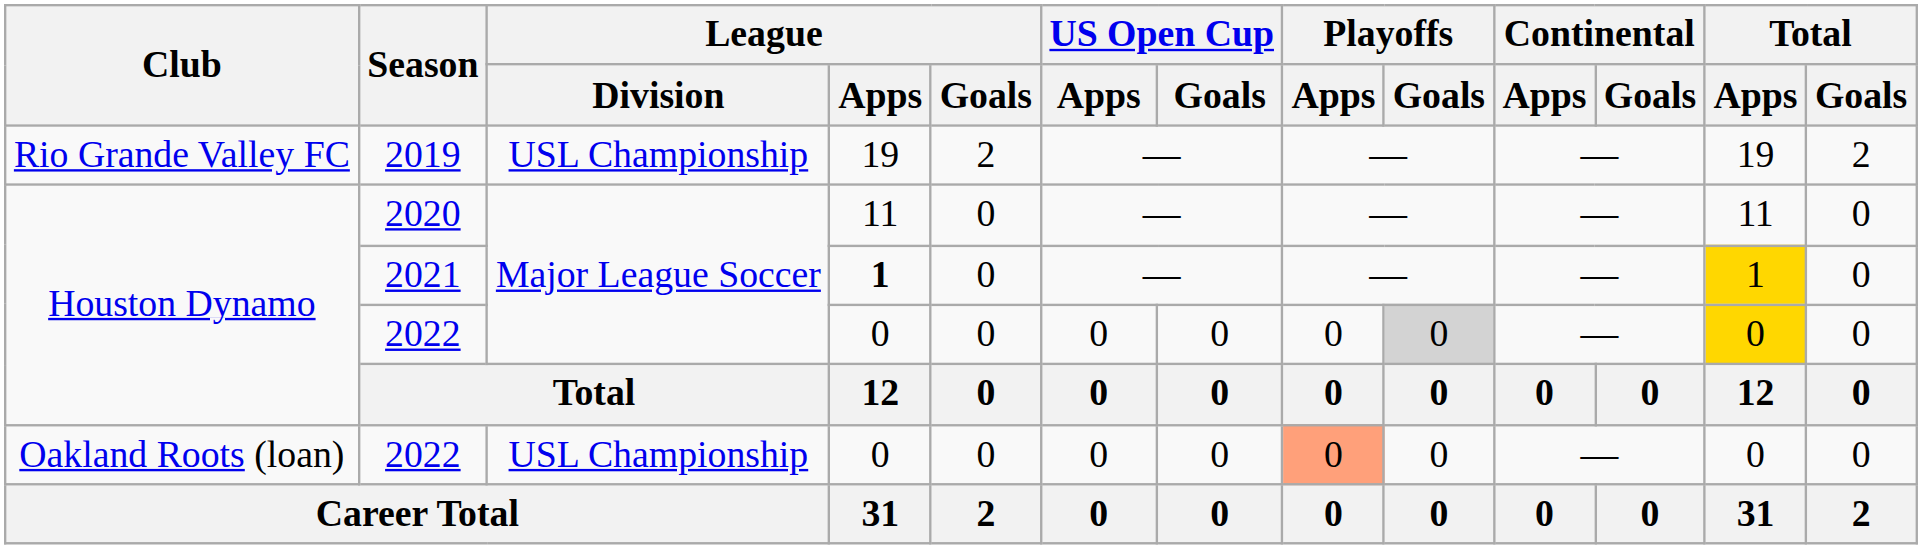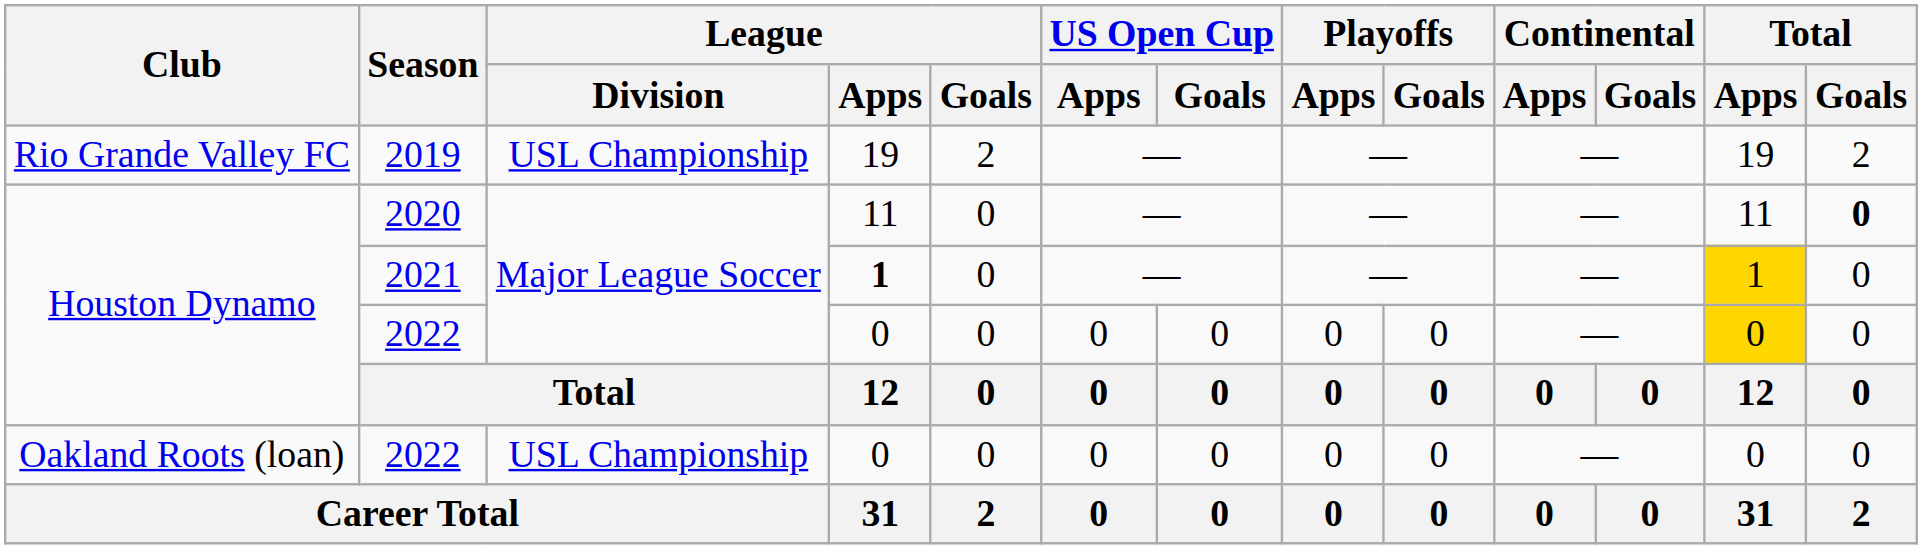 <table class="wikitable" style="text-align:center">
 <tr>
 <th rowspan="2">Club</th>
 <th rowspan="2">Season</th>
 <th colspan="3">League</th>
 <th colspan="2"><a href='#'>US Open Cup</a></th>
 <th colspan="2">Playoffs</th>
 <th colspan="2">Continental</th>
 <th colspan="2">Total</th>
 </tr>
 <tr>
 <th>Division</th>
 <th>Apps</th>
 <th>Goals</th>
 <th>Apps</th>
 <th>Goals</th>
 <th>Apps</th>
 <th>Goals</th>
 <th>Apps</th>
 <th>Goals</th>
 <th>Apps</th>
 <th>Goals</th>
 </tr>
 <tr>
 <td><a href='#'>Rio Grande Valley FC</a></td>
 <td><a href='#'>2019</a></td>
 <td><a href='#'>USL Championship</a></td>
 <td>19</td>
 <td>2</td>
 <td colspan="2">—</td>
 <td colspan="2">—</td>
 <td colspan="2">—</td>
 <td>19</td>
 <td>2</td>
 </tr>
 <tr>
 <td rowspan="4"><a href='#'>Houston Dynamo</a></td>
 <td><a href='#'>2020</a></td>
 <td rowspan="3"><a href='#'>Major League Soccer</a></td>
 <td>11</td>
 <td>0</td>
 <td colspan="2">—</td>
 <td colspan="2">—</td>
 <td colspan="2">—</td>
 <td>11</td>
-<td>0</td>
+<td><strong>0</strong></td>
 </tr>
 <tr>
 <td><a href='#'>2021</a></td>
 <td><strong>1</strong></td>
 <td>0</td>
 <td colspan="2">—</td>
 <td colspan="2">—</td>
 <td colspan="2">—</td>
 <td style="background: gold;">1</td>
 <td>0</td>
 </tr>
 <tr>
 <td><a href='#'>2022</a></td>
 <td>0</td>
 <td>0</td>
 <td>0</td>
 <td>0</td>
 <td>0</td>
-<td style="background: lightgrey;">0</td>
+<td>0</td>
 <td colspan="2">—</td>
 <td style="background: gold;">0</td>
 <td>0</td>
 </tr>
 <tr>
 <th colspan="2">Total</th>
 <th>12</th>
 <th>0</th>
 <th>0</th>
 <th>0</th>
 <th>0</th>
 <th>0</th>
 <th>0</th>
 <th>0</th>
 <th>12</th>
 <th>0</th>
 </tr>
 <tr>
 <td><a href='#'>Oakland Roots</a> (loan)</td>
 <td><a href='#'>2022</a></td>
 <td><a href='#'>USL Championship</a></td>
 <td>0</td>
 <td>0</td>
 <td>0</td>
 <td>0</td>
-<td style="background: lightsalmon;">0</td>
+<td>0</td>
 <td>0</td>
 <td colspan="2">—</td>
 <td>0</td>
 <td>0</td>
 </tr>
 <tr>
 <th colspan="3">Career Total</th>
 <th>31</th>
 <th>2</th>
 <th>0</th>
 <th>0</th>
 <th>0</th>
 <th>0</th>
 <th>0</th>
 <th>0</th>
 <th>31</th>
 <th>2</th>
 </tr>
 </table>
